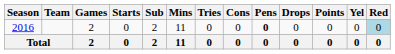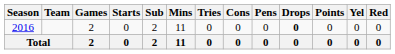 <table class="wikitable" style="text-align:center; line-height:90%; font-size:95%; width:60%;">
 <tr>
 <th>Season</th>
 <th>Team</th>
 <th>Games</th>
 <th>Starts</th>
 <th>Sub</th>
 <th>Mins</th>
 <th>Tries</th>
 <th>Cons</th>
 <th>Pens</th>
 <th>Drops</th>
 <th>Points</th>
 <th>Yel</th>
 <th>Red</th>
 </tr>
 <tr>
 <td><a href='#'>2016</a></td>
 <td></td>
 <td>2</td>
 <td>0</td>
 <td>2</td>
 <td>11</td>
 <td>0</td>
 <td>0</td>
+<td>0</td>
 <td><strong>0</strong></td>
 <td>0</td>
 <td>0</td>
 <td>0</td>
-<td style="background: lightblue;">0</td>
 </tr>
 <tr>
 <th colspan="2">Total</th>
 <th>2</th>
 <th>0</th>
 <th>2</th>
 <th>11</th>
 <th>0</th>
 <th>0</th>
 <th>0</th>
 <th>0</th>
 <th>0</th>
 <th>0</th>
 <th>0</th>
 </tr>
 </table>
